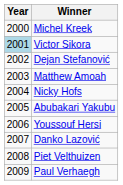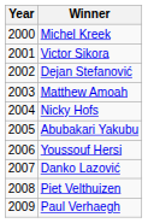 <table class="wikitable" style="display:inline-table; margin-right:1em">
 <tr>
 <th>Year</th>
 <th>Winner</th>
 </tr>
 <tr>
 <td>2000</td>
 <td> <a href='#'>Michel Kreek</a></td>
 </tr>
 <tr>
-<td style="background: lightblue;">2001</td>
+<td>2001</td>
 <td> <a href='#'>Victor Sikora</a></td>
 </tr>
 <tr>
 <td>2002</td>
 <td> <a href='#'>Dejan Stefanović</a></td>
 </tr>
 <tr>
 <td>2003</td>
 <td> <a href='#'>Matthew Amoah</a></td>
 </tr>
 <tr>
 <td>2004</td>
 <td> <a href='#'>Nicky Hofs</a></td>
 </tr>
 <tr>
 <td>2005</td>
 <td> <a href='#'>Abubakari Yakubu</a></td>
 </tr>
 <tr>
 <td>2006</td>
 <td> <a href='#'>Youssouf Hersi</a></td>
 </tr>
 <tr>
 <td>2007</td>
 <td> <a href='#'>Danko Lazović</a></td>
 </tr>
 <tr>
 <td>2008</td>
 <td> <a href='#'>Piet Velthuizen</a></td>
 </tr>
 <tr>
 <td>2009</td>
 <td> <a href='#'>Paul Verhaegh</a></td>
 </tr>
 </table>
